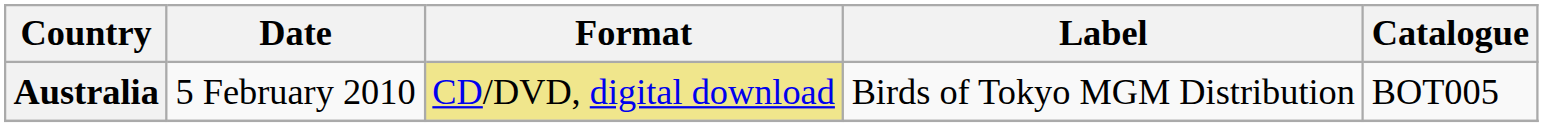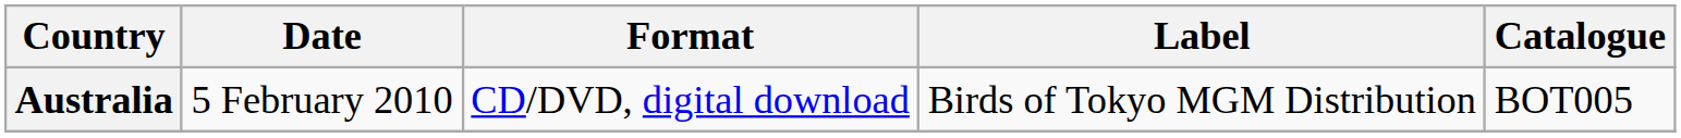 <table class="wikitable plainrowheaders">
 <tr>
 <th scope="col">Country</th>
 <th scope="col">Date</th>
 <th scope="col">Format</th>
 <th scope="col">Label</th>
 <th scope="col">Catalogue</th>
 </tr>
 <tr>
 <th scope="row">Australia</th>
 <td>5 February 2010</td>
-<td style="background: khaki;"><a href='#'>CD</a>/DVD, <a href='#'>digital download</a></td>
+<td><a href='#'>CD</a>/DVD, <a href='#'>digital download</a></td>
 <td>Birds of Tokyo MGM Distribution</td>
 <td>BOT005</td>
 </tr>
 <tr>
 </tr>
 </table>
